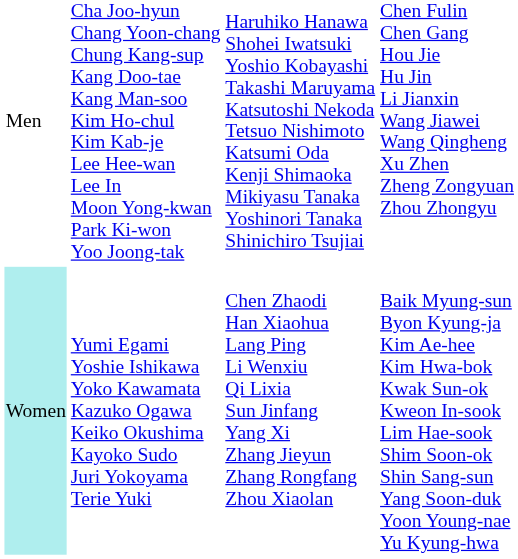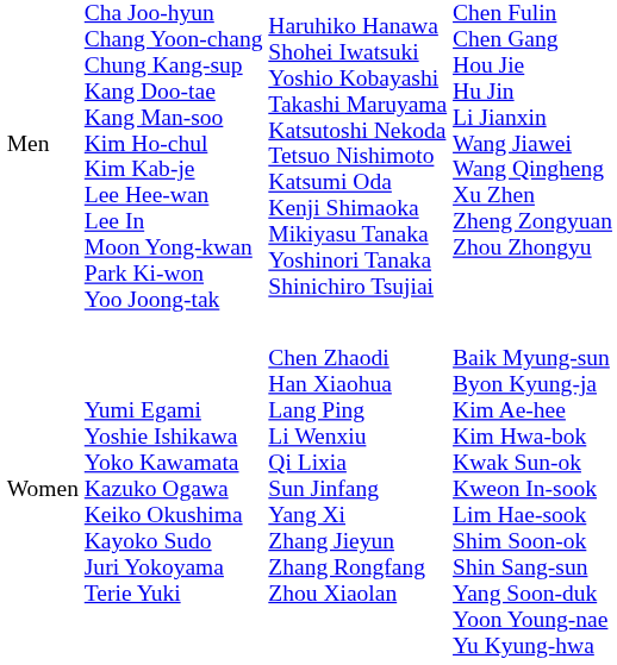 <table>
 <tr>
 <td>Men<br></td>
 <td><br><a href='#'>Cha Joo-hyun</a><br><a href='#'>Chang Yoon-chang</a><br><a href='#'>Chung Kang-sup</a><br><a href='#'>Kang Doo-tae</a><br><a href='#'>Kang Man-soo</a><br><a href='#'>Kim Ho-chul</a><br><a href='#'>Kim Kab-je</a><br><a href='#'>Lee Hee-wan</a><br><a href='#'>Lee In</a><br><a href='#'>Moon Yong-kwan</a><br><a href='#'>Park Ki-won</a><br><a href='#'>Yoo Joong-tak</a></td>
 <td><br><a href='#'>Haruhiko Hanawa</a><br><a href='#'>Shohei Iwatsuki</a><br><a href='#'>Yoshio Kobayashi</a><br><a href='#'>Takashi Maruyama</a><br><a href='#'>Katsutoshi Nekoda</a><br><a href='#'>Tetsuo Nishimoto</a><br><a href='#'>Katsumi Oda</a><br><a href='#'>Kenji Shimaoka</a><br><a href='#'>Mikiyasu Tanaka</a><br><a href='#'>Yoshinori Tanaka</a><br><a href='#'>Shinichiro Tsujiai</a></td>
 <td valign=top><br><a href='#'>Chen Fulin</a><br><a href='#'>Chen Gang</a><br><a href='#'>Hou Jie</a><br><a href='#'>Hu Jin</a><br><a href='#'>Li Jianxin</a><br><a href='#'>Wang Jiawei</a><br><a href='#'>Wang Qingheng</a><br><a href='#'>Xu Zhen</a><br><a href='#'>Zheng Zongyuan</a><br><a href='#'>Zhou Zhongyu</a></td>
 </tr>
 <tr>
-<td style="background: paleturquoise;">Women<br></td>
+<td>Women<br></td>
 <td><br><a href='#'>Yumi Egami</a><br><a href='#'>Yoshie Ishikawa</a><br><a href='#'>Yoko Kawamata</a><br><a href='#'>Kazuko Ogawa</a><br><a href='#'>Keiko Okushima</a><br><a href='#'>Kayoko Sudo</a><br><a href='#'>Juri Yokoyama</a><br><a href='#'>Terie Yuki</a></td>
 <td valign=top><br><a href='#'>Chen Zhaodi</a><br><a href='#'>Han Xiaohua</a><br><a href='#'>Lang Ping</a><br><a href='#'>Li Wenxiu</a><br><a href='#'>Qi Lixia</a><br><a href='#'>Sun Jinfang</a><br><a href='#'>Yang Xi</a><br><a href='#'>Zhang Jieyun</a><br><a href='#'>Zhang Rongfang</a><br><a href='#'>Zhou Xiaolan</a></td>
 <td><br><a href='#'>Baik Myung-sun</a><br><a href='#'>Byon Kyung-ja</a><br><a href='#'>Kim Ae-hee</a><br><a href='#'>Kim Hwa-bok</a><br><a href='#'>Kwak Sun-ok</a><br><a href='#'>Kweon In-sook</a><br><a href='#'>Lim Hae-sook</a><br><a href='#'>Shim Soon-ok</a><br><a href='#'>Shin Sang-sun</a><br><a href='#'>Yang Soon-duk</a><br><a href='#'>Yoon Young-nae</a><br><a href='#'>Yu Kyung-hwa</a></td>
 </tr>
 </table>
